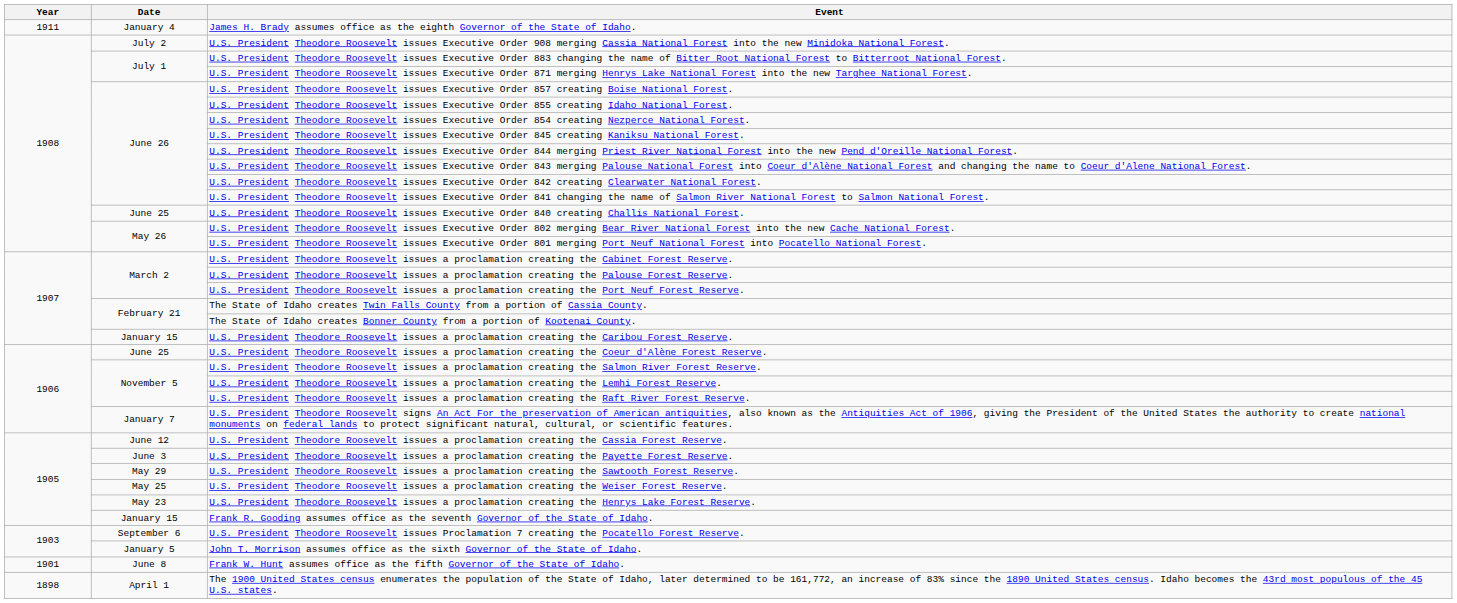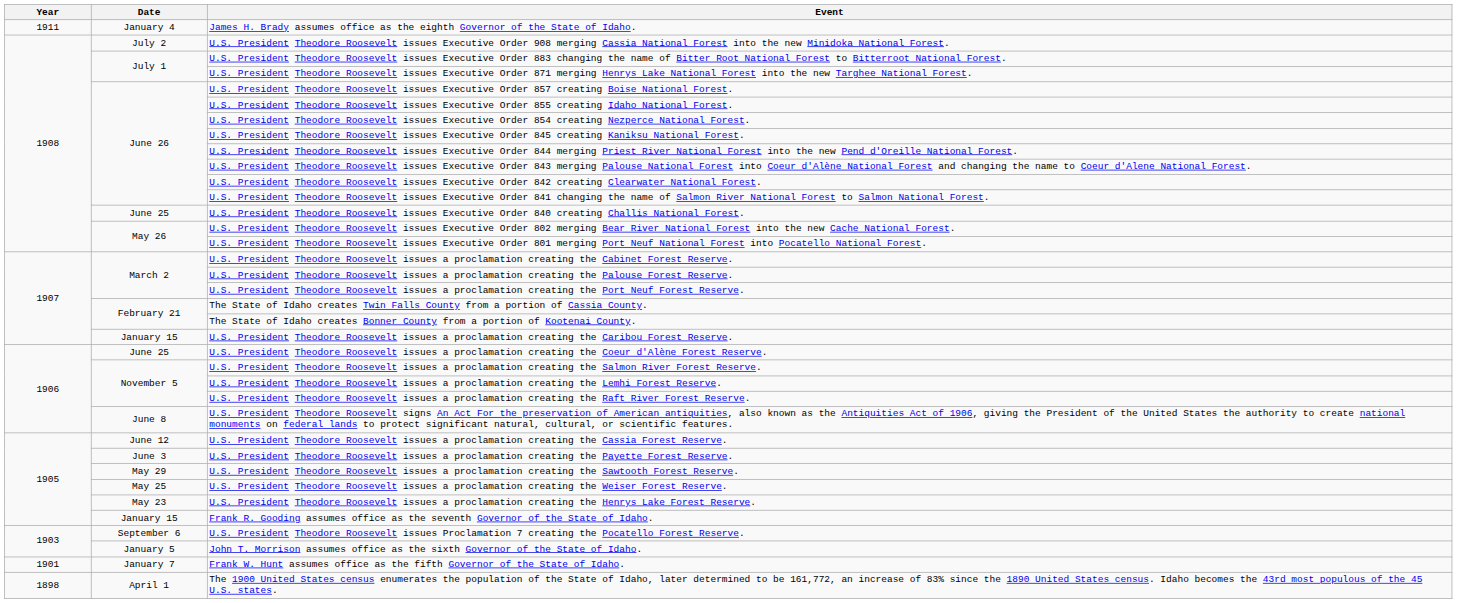 <table class="wikitable" style="width:100%;">
 <tr>
 <th style="width:6%">Year</th>
 <th style="width:8%">Date</th>
 <th style="width:86%">Event</th>
 </tr>
 <tr>
 <td align=center rowspan=1>1911</td>
 <td align=center>January 4</td>
 <td><a href='#'>James H. Brady</a> assumes office as the eighth <a href='#'>Governor of the State of Idaho</a>.</td>
 </tr>
 <tr>
 <td align=center rowspan=14>1908</td>
 <td align=center>July 2</td>
 <td><a href='#'>U.S. President</a> <a href='#'>Theodore Roosevelt</a> issues Executive Order 908 merging <a href='#'>Cassia National Forest</a> into the new <a href='#'>Minidoka National Forest</a>.</td>
 </tr>
 <tr>
 <td align=center rowspan=2>July 1</td>
 <td><a href='#'>U.S. President</a> <a href='#'>Theodore Roosevelt</a> issues Executive Order 883 changing the name of <a href='#'>Bitter Root National Forest</a> to <a href='#'>Bitterroot National Forest</a>.</td>
 </tr>
 <tr>
 <td><a href='#'>U.S. President</a> <a href='#'>Theodore Roosevelt</a> issues Executive Order 871 merging <a href='#'>Henrys Lake National Forest</a> into the new <a href='#'>Targhee National Forest</a>.</td>
 </tr>
 <tr>
 <td align=center rowspan=8>June 26</td>
 <td><a href='#'>U.S. President</a> <a href='#'>Theodore Roosevelt</a> issues Executive Order 857 creating <a href='#'>Boise National Forest</a>.</td>
 </tr>
 <tr>
 <td><a href='#'>U.S. President</a> <a href='#'>Theodore Roosevelt</a> issues Executive Order 855 creating <a href='#'>Idaho National Forest</a>.</td>
 </tr>
 <tr>
 <td><a href='#'>U.S. President</a> <a href='#'>Theodore Roosevelt</a> issues Executive Order 854 creating <a href='#'>Nezperce National Forest</a>.</td>
 </tr>
 <tr>
 <td><a href='#'>U.S. President</a> <a href='#'>Theodore Roosevelt</a> issues Executive Order 845 creating <a href='#'>Kaniksu National Forest</a>.</td>
 </tr>
 <tr>
 <td><a href='#'>U.S. President</a> <a href='#'>Theodore Roosevelt</a> issues Executive Order 844 merging <a href='#'>Priest River National Forest</a> into the new <a href='#'>Pend d'Oreille National Forest</a>.</td>
 </tr>
 <tr>
 <td><a href='#'>U.S. President</a> <a href='#'>Theodore Roosevelt</a> issues Executive Order 843 merging <a href='#'>Palouse National Forest</a> into <a href='#'>Coeur d'Alène National Forest</a> and changing the name to <a href='#'>Coeur d'Alene National Forest</a>.</td>
 </tr>
 <tr>
 <td><a href='#'>U.S. President</a> <a href='#'>Theodore Roosevelt</a> issues Executive Order 842 creating <a href='#'>Clearwater National Forest</a>.</td>
 </tr>
 <tr>
 <td><a href='#'>U.S. President</a> <a href='#'>Theodore Roosevelt</a> issues Executive Order 841 changing the name of <a href='#'>Salmon River National Forest</a> to <a href='#'>Salmon National Forest</a>.</td>
 </tr>
 <tr>
 <td align=center>June 25</td>
 <td><a href='#'>U.S. President</a> <a href='#'>Theodore Roosevelt</a> issues Executive Order 840 creating <a href='#'>Challis National Forest</a>.</td>
 </tr>
 <tr>
 <td align=center rowspan=2>May 26</td>
 <td><a href='#'>U.S. President</a> <a href='#'>Theodore Roosevelt</a> issues Executive Order 802 merging <a href='#'>Bear River National Forest</a> into the new <a href='#'>Cache National Forest</a>.</td>
 </tr>
 <tr>
 <td><a href='#'>U.S. President</a> <a href='#'>Theodore Roosevelt</a> issues Executive Order 801 merging <a href='#'>Port Neuf National Forest</a> into <a href='#'>Pocatello National Forest</a>.</td>
 </tr>
 <tr>
 <td align=center rowspan=6>1907</td>
 <td align=center rowspan=3>March 2</td>
 <td><a href='#'>U.S. President</a> <a href='#'>Theodore Roosevelt</a> issues a proclamation creating the <a href='#'>Cabinet Forest Reserve</a>.</td>
 </tr>
 <tr>
 <td><a href='#'>U.S. President</a> <a href='#'>Theodore Roosevelt</a> issues a proclamation creating the <a href='#'>Palouse Forest Reserve</a>.</td>
 </tr>
 <tr>
 <td><a href='#'>U.S. President</a> <a href='#'>Theodore Roosevelt</a> issues a proclamation creating the <a href='#'>Port Neuf Forest Reserve</a>.</td>
 </tr>
 <tr>
 <td align=center rowspan=2>February 21</td>
 <td>The State of Idaho creates <a href='#'>Twin Falls County</a> from a portion of <a href='#'>Cassia County</a>.</td>
 </tr>
 <tr>
 <td>The State of Idaho creates <a href='#'>Bonner County</a> from a portion of <a href='#'>Kootenai County</a>.</td>
 </tr>
 <tr>
 <td align=center>January 15</td>
 <td><a href='#'>U.S. President</a> <a href='#'>Theodore Roosevelt</a> issues a proclamation creating the <a href='#'>Caribou Forest Reserve</a>.</td>
 </tr>
 <tr>
 <td align=center rowspan=5>1906</td>
 <td align=center>June 25</td>
 <td><a href='#'>U.S. President</a> <a href='#'>Theodore Roosevelt</a> issues a proclamation creating the <a href='#'>Coeur d'Alène Forest Reserve</a>.</td>
 </tr>
 <tr>
 <td align=center rowspan=3>November 5</td>
 <td><a href='#'>U.S. President</a> <a href='#'>Theodore Roosevelt</a> issues a proclamation creating the <a href='#'>Salmon River Forest Reserve</a>.</td>
 </tr>
 <tr>
 <td><a href='#'>U.S. President</a> <a href='#'>Theodore Roosevelt</a> issues a proclamation creating the <a href='#'>Lemhi Forest Reserve</a>.</td>
 </tr>
 <tr>
 <td><a href='#'>U.S. President</a> <a href='#'>Theodore Roosevelt</a> issues a proclamation creating the <a href='#'>Raft River Forest Reserve</a>.</td>
 </tr>
 <tr>
-<td align=center>January 7</td>
+<td align=center>June 8</td>
 <td><a href='#'>U.S. President</a> <a href='#'>Theodore Roosevelt</a> signs <a href='#'>An Act For the preservation of American antiquities</a>, also known as the <a href='#'>Antiquities Act of 1906</a>, giving the President of the United States the authority to create <a href='#'>national monuments</a> on <a href='#'>federal lands</a> to protect significant natural, cultural, or scientific features.</td>
 </tr>
 <tr>
 <td align=center rowspan=6>1905</td>
 <td align=center>June 12</td>
 <td><a href='#'>U.S. President</a> <a href='#'>Theodore Roosevelt</a> issues a proclamation creating the <a href='#'>Cassia Forest Reserve</a>.</td>
 </tr>
 <tr>
 <td align=center>June 3</td>
 <td><a href='#'>U.S. President</a> <a href='#'>Theodore Roosevelt</a> issues a proclamation creating the <a href='#'>Payette Forest Reserve</a>.</td>
 </tr>
 <tr>
 <td align=center>May 29</td>
 <td><a href='#'>U.S. President</a> <a href='#'>Theodore Roosevelt</a> issues a proclamation creating the <a href='#'>Sawtooth Forest Reserve</a>.</td>
 </tr>
 <tr>
 <td align=center>May 25</td>
 <td><a href='#'>U.S. President</a> <a href='#'>Theodore Roosevelt</a> issues a proclamation creating the <a href='#'>Weiser Forest Reserve</a>.</td>
 </tr>
 <tr>
 <td align=center>May 23</td>
 <td><a href='#'>U.S. President</a> <a href='#'>Theodore Roosevelt</a> issues a proclamation creating the <a href='#'>Henrys Lake Forest Reserve</a>.</td>
 </tr>
 <tr>
 <td align=center>January 15</td>
 <td><a href='#'>Frank R. Gooding</a> assumes office as the seventh <a href='#'>Governor of the State of Idaho</a>.</td>
 </tr>
 <tr>
 <td align=center rowspan=2>1903</td>
 <td align=center>September 6</td>
 <td><a href='#'>U.S. President</a> <a href='#'>Theodore Roosevelt</a> issues Proclamation 7 creating the <a href='#'>Pocatello Forest Reserve</a>.</td>
 </tr>
 <tr>
 <td align=center>January 5</td>
 <td><a href='#'>John T. Morrison</a> assumes office as the sixth <a href='#'>Governor of the State of Idaho</a>.</td>
 </tr>
 <tr>
 <td align=center rowspan=1>1901</td>
-<td align=center>June 8</td>
+<td align=center>January 7</td>
 <td><a href='#'>Frank W. Hunt</a> assumes office as the fifth <a href='#'>Governor of the State of Idaho</a>.</td>
 </tr>
 <tr>
 <td align=center rowspan=1>1898</td>
 <td align=center>April 1</td>
 <td>The <a href='#'>1900 United States census</a> enumerates the population of the State of Idaho, later determined to be 161,772, an increase of 83% since the <a href='#'>1890 United States census</a>. Idaho becomes the <a href='#'>43rd most populous of the 45 U.S. states</a>.</td>
 </tr>
 </table>
